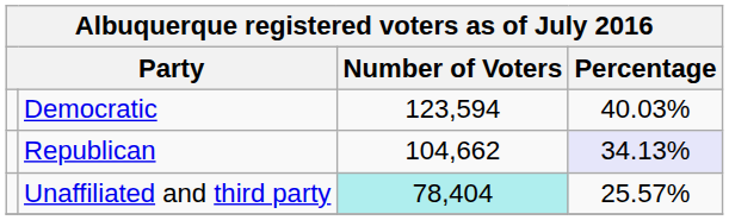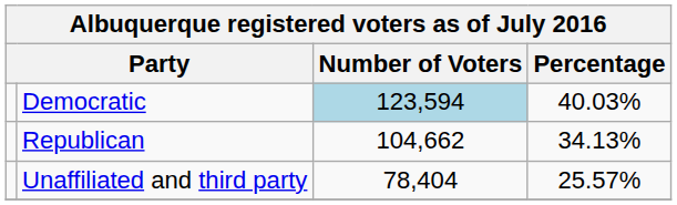 <table class=wikitable style="float:right; margin-left:1em">
 <tr>
 <th colspan = 6>Albuquerque registered voters as of July 2016</th>
 </tr>
 <tr>
 <th colspan = 2>Party</th>
 <th>Number of Voters</th>
 <th>Percentage</th>
 </tr>
 <tr>
 <td></td>
 <td><a href='#'>Democratic</a></td>
-<td style="text-align:center;">123,594</td>
+<td style="background: lightblue; text-align:center;">123,594</td>
 <td style="text-align:center;">40.03%</td>
 </tr>
 <tr>
 <td></td>
 <td><a href='#'>Republican</a></td>
 <td style="text-align:center;">104,662</td>
-<td style="background: lavender; text-align:center;">34.13%</td>
+<td style="text-align:center;">34.13%</td>
 </tr>
 <tr>
 <td></td>
 <td><a href='#'>Unaffiliated</a> and <a href='#'>third party</a></td>
-<td style="background: paleturquoise; text-align:center;">78,404</td>
+<td style="text-align:center;">78,404</td>
 <td style="text-align:center;">25.57%</td>
 </tr>
 <tr>
 </tr>
 </table>
